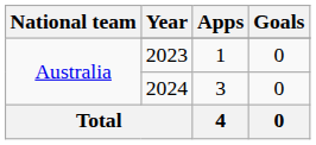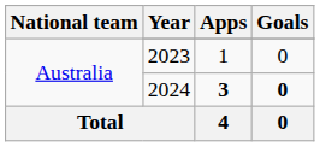 <table class="wikitable" style="text-align:center">
 <tr>
 <th>National team</th>
 <th>Year</th>
 <th>Apps</th>
 <th>Goals</th>
 </tr>
 <tr>
 <td rowspan="3"><a href='#'>Australia</a></td>
 </tr>
 <tr>
 <td>2023</td>
 <td>1</td>
 <td>0</td>
 </tr>
 <tr>
 <td>2024</td>
-<td>3</td>
-<td>0</td>
+<td><strong>3</strong></td>
+<td><strong>0</strong></td>
 </tr>
 <tr>
 <th colspan="2">Total</th>
 <th>4</th>
 <th>0</th>
 </tr>
 </table>
